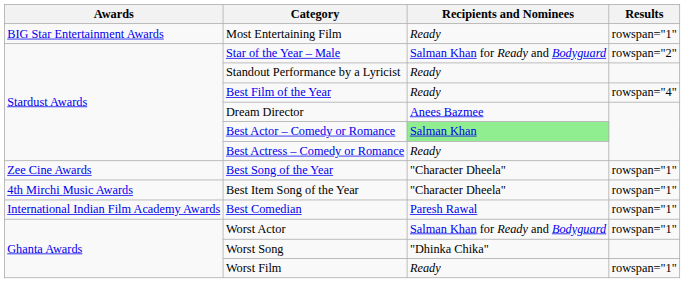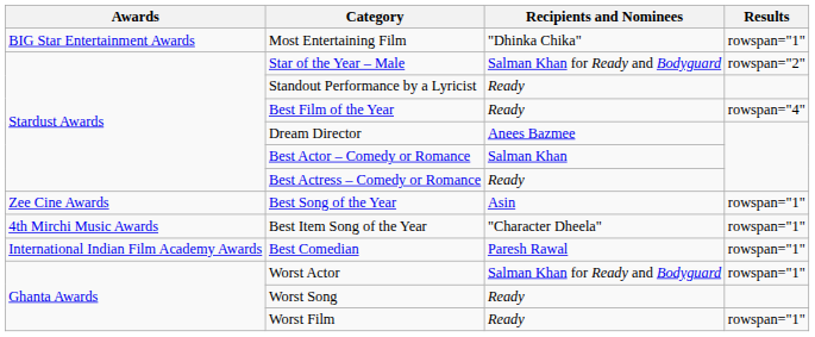 <table class="wikitable plainrowheaders sortable">
 <tr>
 <th>Awards</th>
 <th>Category</th>
 <th>Recipients and Nominees</th>
 <th>Results</th>
 </tr>
 <tr>
 <td rowspan="1"><a href='#'>BIG Star Entertainment Awards</a></td>
 <td>Most Entertaining Film</td>
-<td><em>Ready</em></td>
+<td>"Dhinka Chika"</td>
 <td>rowspan="1" </td>
 </tr>
 <tr>
 <td rowspan="6"><a href='#'>Stardust Awards</a></td>
 <td><a href='#'>Star of the Year – Male</a></td>
 <td><a href='#'>Salman Khan</a> for <em>Ready</em> and <em><a href='#'>Bodyguard</a></em></td>
 <td>rowspan="2" </td>
 </tr>
 <tr>
 <td>Standout Performance by a Lyricist</td>
 <td><em>Ready</em></td>
 </tr>
 <tr>
 <td><a href='#'>Best Film of the Year</a></td>
 <td><em>Ready</em></td>
 <td>rowspan="4" </td>
 </tr>
 <tr>
 <td>Dream Director</td>
 <td><a href='#'>Anees Bazmee</a></td>
 </tr>
 <tr>
 <td><a href='#'>Best Actor – Comedy or Romance</a></td>
-<td style="background: lightgreen;"><a href='#'>Salman Khan</a></td>
+<td><a href='#'>Salman Khan</a></td>
 </tr>
 <tr>
 <td><a href='#'>Best Actress – Comedy or Romance</a></td>
 <td><em>Ready</em></td>
 </tr>
 <tr>
 <td rowspan="1"><a href='#'>Zee Cine Awards</a></td>
 <td><a href='#'>Best Song of the Year</a></td>
-<td>"Character Dheela"</td>
+<td><a href='#'>Asin</a></td>
 <td>rowspan="1" </td>
 </tr>
 <tr>
 <td><a href='#'>4th Mirchi Music Awards</a></td>
 <td>Best Item Song of the Year</td>
 <td>"Character Dheela"</td>
 <td>rowspan="1" </td>
 </tr>
 <tr>
 <td rowspan="1"><a href='#'>International Indian Film Academy Awards</a></td>
 <td><a href='#'>Best Comedian</a></td>
 <td><a href='#'>Paresh Rawal</a></td>
 <td>rowspan="1" </td>
 </tr>
 <tr>
 <td rowspan="3"><a href='#'>Ghanta Awards</a></td>
 <td>Worst Actor</td>
 <td><a href='#'>Salman Khan</a> for <em>Ready</em> and <em><a href='#'>Bodyguard</a></em></td>
 <td>rowspan="1" </td>
 </tr>
 <tr>
 <td>Worst Song</td>
-<td>"Dhinka Chika"</td>
+<td><em>Ready</em></td>
 </tr>
 <tr>
 <td>Worst Film</td>
 <td><em>Ready</em></td>
 <td>rowspan="1" </td>
 </tr>
 </table>
